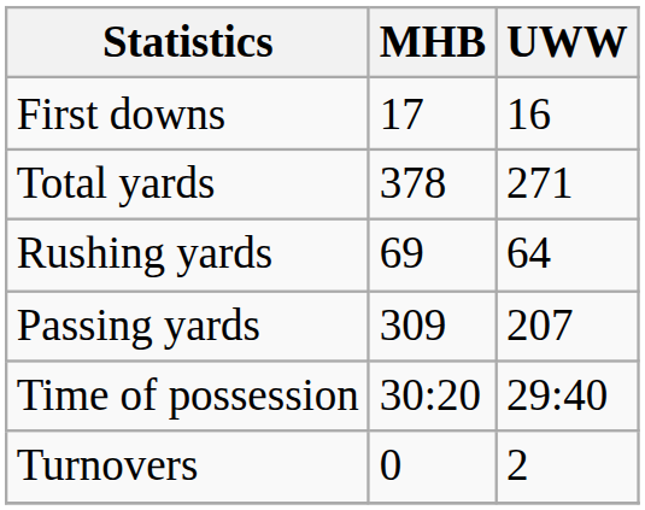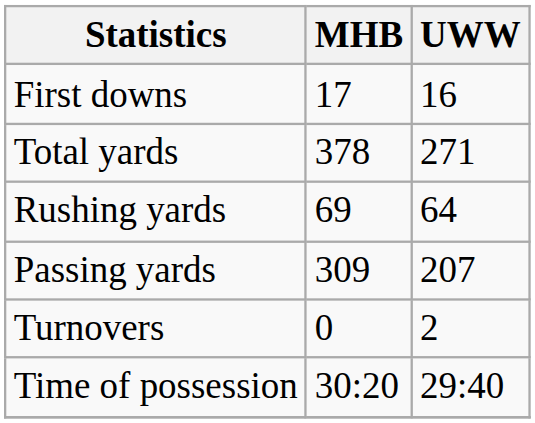 <table class="wikitable" style="float: left;">
 <tr>
 <th>Statistics</th>
 <th>MHB</th>
 <th>UWW</th>
 </tr>
 <tr>
 <td>First downs</td>
 <td>17</td>
 <td>16</td>
 </tr>
 <tr>
 <td>Total yards</td>
 <td>378</td>
 <td>271</td>
 </tr>
 <tr>
 <td>Rushing yards</td>
 <td>69</td>
 <td>64</td>
 </tr>
 <tr>
 <td>Passing yards</td>
 <td>309</td>
 <td>207</td>
 </tr>
 <tr>
+<td>Turnovers</td>
+<td>0</td>
+<td>2</td>
+</tr>
+<tr>
 <td>Time of possession</td>
 <td>30:20</td>
 <td>29:40</td>
 </tr>
 <tr>
-<td>Turnovers</td>
-<td>0</td>
-<td>2</td>
-</tr>
-<tr>
 </tr>
 </table>
